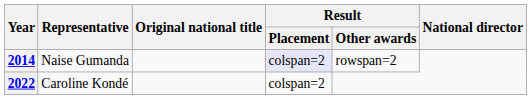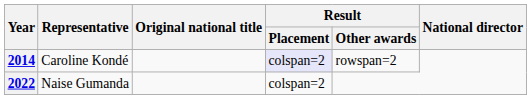 <table class="wikitable defaultcenter col2left col6left" style="font-size:95%;">
 <tr>
 <th rowspan=2>Year</th>
 <th rowspan=2>Representative</th>
 <th rowspan=2>Original national title</th>
 <th colspan=2>Result</th>
 <th rowspan=2>National director</th>
 </tr>
 <tr>
 <th>Placement</th>
 <th>Other awards</th>
 </tr>
 <tr>
 <th><a href='#'>2014</a></th>
-<td>Naise Gumanda</td>
+<td>Caroline Kondé</td>
 <td></td>
 <td style="background: lavender;">colspan=2 </td>
 <td>rowspan=2 </td>
 </tr>
 <tr>
 <th><a href='#'>2022</a></th>
-<td>Caroline Kondé</td>
+<td>Naise Gumanda</td>
 <td></td>
 <td>colspan=2 </td>
 </tr>
 </table>
